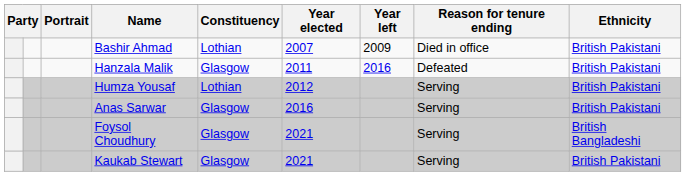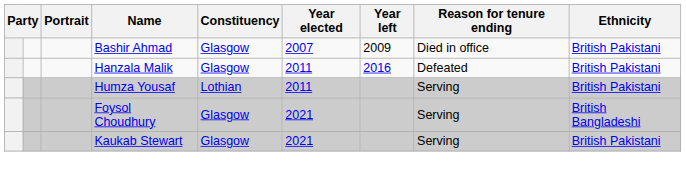 <table class="wikitable sortable">
 <tr>
 <th colspan=2>Party</th>
 <th>Portrait</th>
 <th>Name</th>
 <th>Constituency</th>
 <th>Year elected</th>
 <th>Year left</th>
 <th>Reason for tenure ending</th>
 <th>Ethnicity</th>
 </tr>
 <tr>
 <th style="background-color: "></th>
 <td></td>
 <td></td>
 <td><a href='#'>Bashir Ahmad</a></td>
-<td><a href='#'>Lothian</a></td>
+<td><a href='#'>Glasgow</a></td>
 <td><a href='#'>2007</a></td>
 <td>2009</td>
 <td>Died in office</td>
 <td><a href='#'>British Pakistani</a></td>
 </tr>
 <tr>
 <th style="background-color: "></th>
 <td></td>
 <td></td>
 <td><a href='#'>Hanzala Malik</a></td>
 <td><a href='#'>Glasgow</a></td>
 <td><a href='#'>2011</a></td>
 <td><a href='#'>2016</a></td>
 <td>Defeated</td>
 <td><a href='#'>British Pakistani</a></td>
 </tr>
 <tr style="background:#ccc;">
 <th style="background-color: "></th>
 <td></td>
 <td></td>
 <td><a href='#'>Humza Yousaf</a></td>
 <td><a href='#'>Lothian</a></td>
-<td><a href='#'>2012</a></td>
-<td></td>
-<td>Serving</td>
-<td><a href='#'>British Pakistani</a></td>
-</tr>
-<tr style="background:#ccc;">
-<th style="background-color: "></th>
-<td></td>
-<td></td>
-<td><a href='#'>Anas Sarwar</a></td>
-<td><a href='#'>Glasgow</a></td>
-<td><a href='#'>2016</a></td>
+<td><a href='#'>2011</a></td>
 <td></td>
 <td>Serving</td>
 <td><a href='#'>British Pakistani</a></td>
 </tr>
 <tr style="background:#ccc;">
 <th style="background-color: "></th>
 <td></td>
 <td></td>
 <td><a href='#'>Foysol Choudhury</a></td>
 <td><a href='#'>Glasgow</a></td>
 <td><a href='#'>2021</a></td>
 <td></td>
 <td>Serving</td>
 <td><a href='#'>British Bangladeshi</a></td>
 </tr>
 <tr style="background:#ccc;">
 <th style="background-color: "></th>
 <td></td>
 <td></td>
 <td><a href='#'>Kaukab Stewart</a></td>
 <td><a href='#'>Glasgow</a></td>
 <td><a href='#'>2021</a></td>
 <td></td>
 <td>Serving</td>
 <td><a href='#'>British Pakistani</a></td>
 </tr>
 </table>
